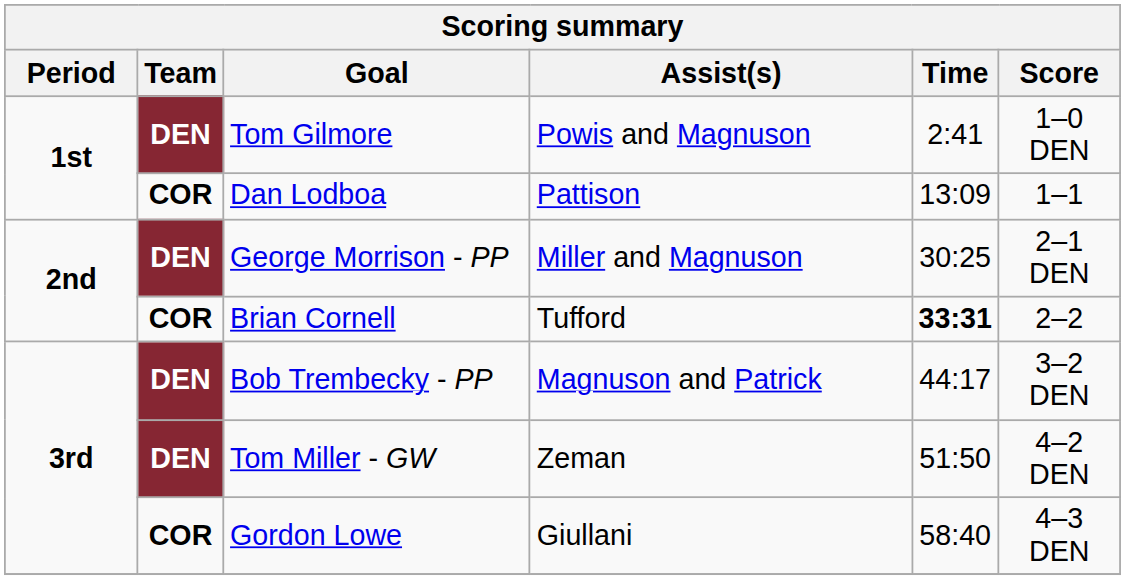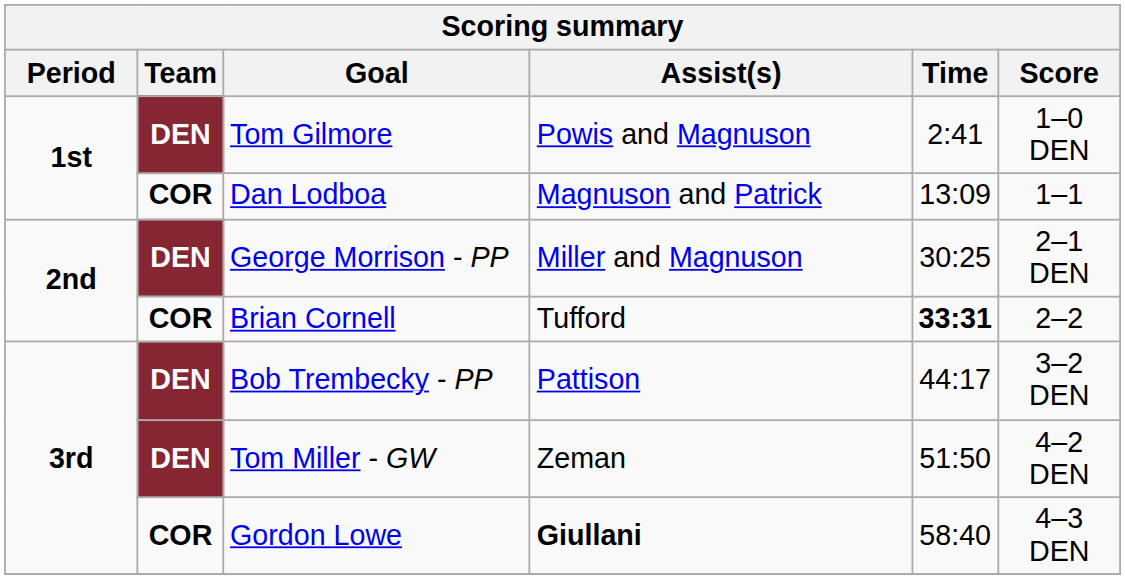 <table style="width:100%;" class="wikitable">
 <tr>
 <th colspan=6>Scoring summary</th>
 </tr>
 <tr>
 <th style="width:12%;">Period</th>
 <th style="width:7%;">Team</th>
 <th style="width:28%;">Goal</th>
 <th style="width:35%;">Assist(s)</th>
 <th style="width:7%;">Time</th>
 <th style="width:11%;">Score</th>
 </tr>
 <tr>
 <td style="text-align:center;" rowspan="2"><strong>1st</strong></td>
 <td align=center style="color:white; background:#862633; "><strong>DEN</strong></td>
 <td><a href='#'>Tom Gilmore</a></td>
 <td><a href='#'>Powis</a> and <a href='#'>Magnuson</a></td>
 <td align=center>2:41</td>
 <td align=center>1–0 DEN</td>
 </tr>
 <tr>
 <td align=center><strong>COR</strong></td>
 <td><a href='#'>Dan Lodboa</a></td>
-<td><a href='#'>Pattison</a></td>
+<td><a href='#'>Magnuson</a> and <a href='#'>Patrick</a></td>
 <td align=center>13:09</td>
 <td align=center>1–1</td>
 </tr>
 <tr>
 <td style="text-align:center;" rowspan="2"><strong>2nd</strong></td>
 <td align=center style="color:white; background:#862633; "><strong>DEN</strong></td>
 <td><a href='#'>George Morrison</a> - <em>PP</em></td>
 <td><a href='#'>Miller</a> and <a href='#'>Magnuson</a></td>
 <td align=center>30:25</td>
 <td align=center>2–1 DEN</td>
 </tr>
 <tr>
 <td align=center><strong>COR</strong></td>
 <td><a href='#'>Brian Cornell</a></td>
 <td>Tufford</td>
 <td align=center><strong>33:31</strong></td>
 <td align=center>2–2</td>
 </tr>
 <tr>
 <td style="text-align:center;" rowspan="3"><strong>3rd</strong></td>
 <td align=center style="color:white; background:#862633; "><strong>DEN</strong></td>
 <td><a href='#'>Bob Trembecky</a> - <em>PP</em></td>
-<td><a href='#'>Magnuson</a> and <a href='#'>Patrick</a></td>
+<td><a href='#'>Pattison</a></td>
 <td align=center>44:17</td>
 <td align=center>3–2 DEN</td>
 </tr>
 <tr>
 <td align=center style="color:white; background:#862633; "><strong>DEN</strong></td>
 <td><a href='#'>Tom Miller</a> - <em>GW</em></td>
 <td>Zeman</td>
 <td align=center>51:50</td>
 <td align=center>4–2 DEN</td>
 </tr>
 <tr>
 <td align=center><strong>COR</strong></td>
 <td><a href='#'>Gordon Lowe</a></td>
-<td>Giullani</td>
+<td><strong>Giullani</strong></td>
 <td align=center>58:40</td>
 <td align=center>4–3 DEN</td>
 </tr>
 <tr>
 </tr>
 </table>
